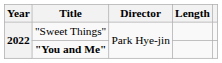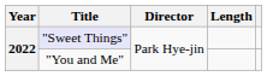 <table class="wikitable plainrowheaders" style="text-align:center">
 <tr>
 <th scope="col">Year</th>
 <th scope="col">Title</th>
 <th scope="col">Director</th>
 <th scope="col">Length</th>
 <th scope="col"></th>
 </tr>
 <tr>
 <th scope="row" rowspan="2">2022</th>
-<td>"Sweet Things"</td>
+<td style="background: lavender;">"Sweet Things"</td>
 <td rowspan="2">Park Hye-jin</td>
 <td></td>
 <td></td>
 </tr>
 <tr>
-<td><strong>"You and Me"</strong></td>
+<td>"You and Me"</td>
 <td></td>
 <td></td>
 </tr>
 </table>
